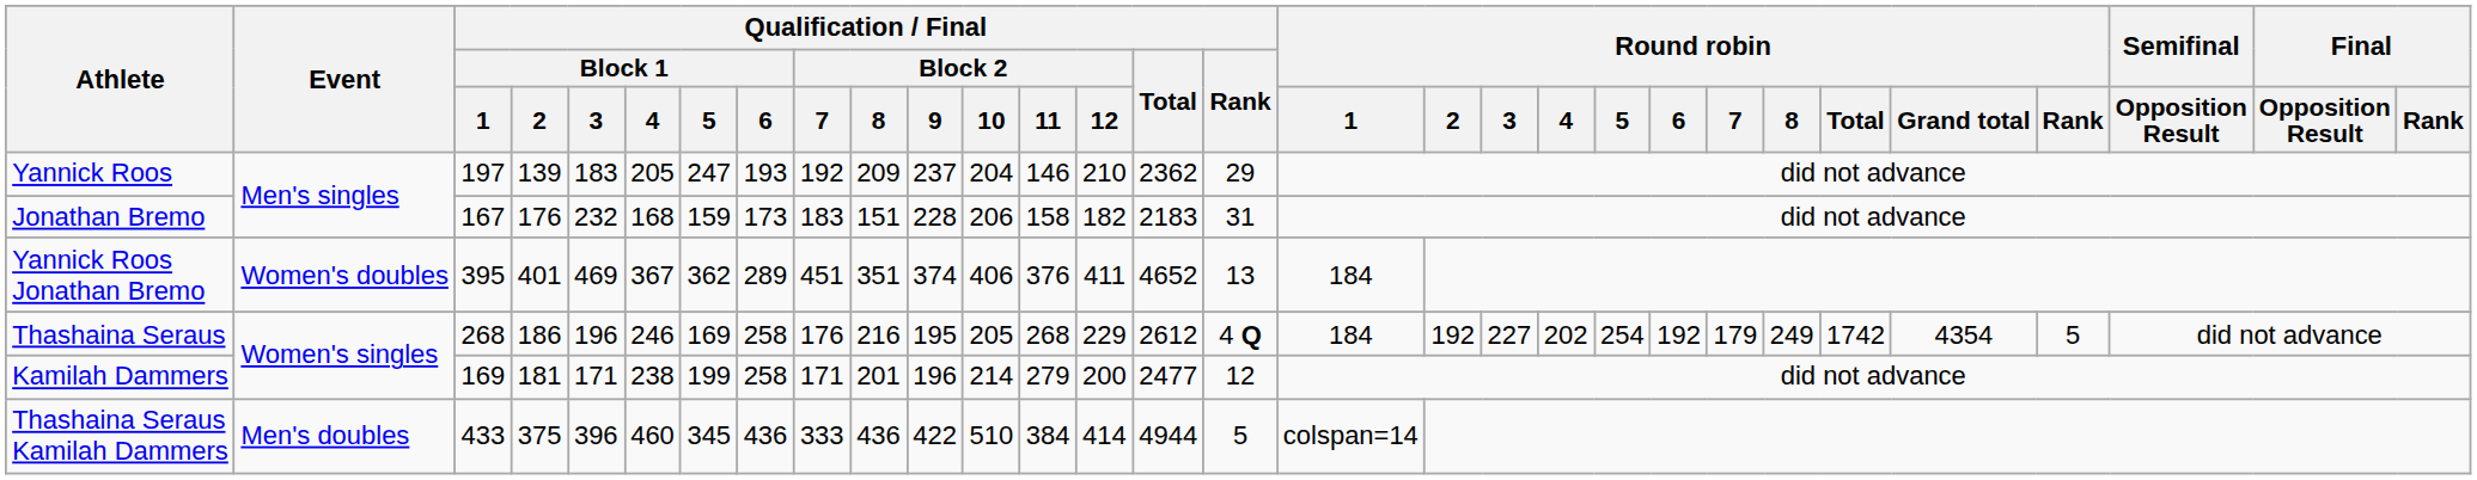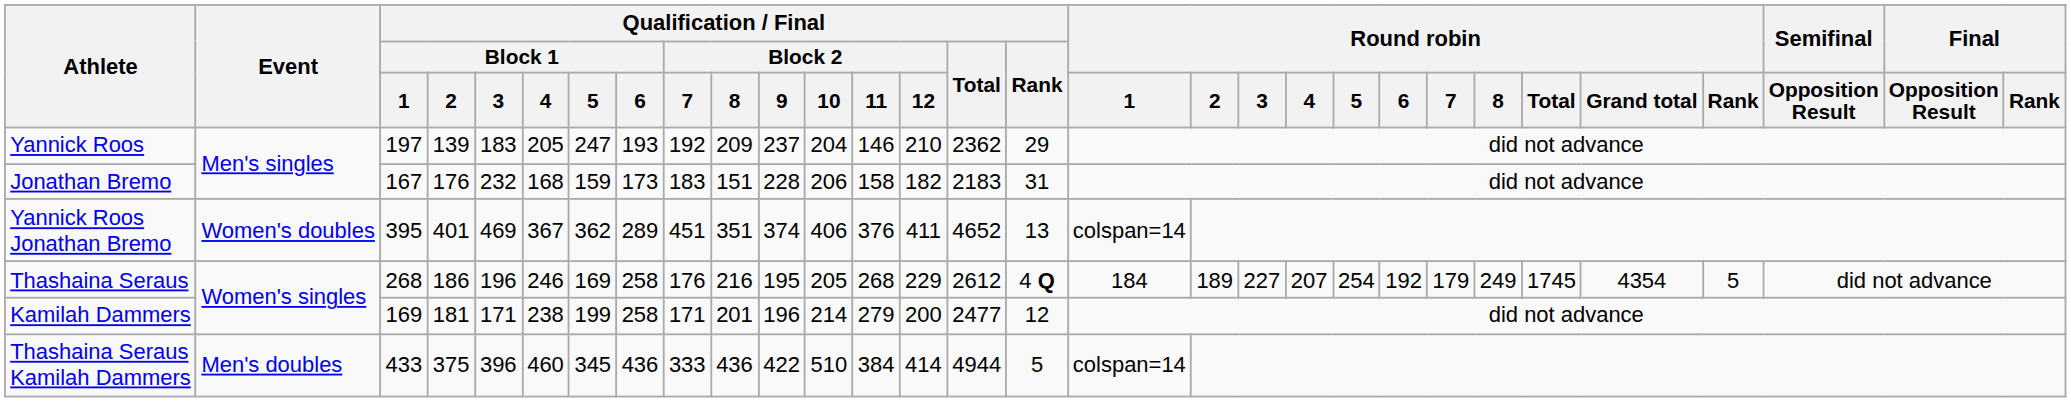 <table class=wikitable style=font-size:75%;text-align:center>
 <tr>
 <th rowspan=3>Athlete</th>
 <th rowspan=3>Event</th>
 <th colspan=14>Qualification / Final</th>
 <th colspan=11 rowspan=2>Round robin</th>
 <th rowspan=2>Semifinal</th>
 <th rowspan=2 colspan=2>Final</th>
 </tr>
 <tr style=font-size:95%>
 <th colspan=6>Block 1</th>
 <th colspan=6>Block 2</th>
 <th rowspan=2>Total</th>
 <th rowspan=2>Rank</th>
 </tr>
 <tr style=font-size:95%>
 <th>1</th>
 <th>2</th>
 <th>3</th>
 <th>4</th>
 <th>5</th>
 <th>6</th>
 <th>7</th>
 <th>8</th>
 <th>9</th>
 <th>10</th>
 <th>11</th>
 <th>12</th>
 <th>1</th>
 <th>2</th>
 <th>3</th>
 <th>4</th>
 <th>5</th>
 <th>6</th>
 <th>7</th>
 <th>8</th>
 <th>Total</th>
 <th>Grand total</th>
 <th>Rank</th>
 <th>Opposition<br>Result</th>
 <th>Opposition<br>Result</th>
 <th>Rank</th>
 </tr>
 <tr>
 <td align=left><a href='#'>Yannick Roos</a></td>
 <td align=left rowspan=2><a href='#'>Men's singles</a></td>
 <td>197</td>
 <td>139</td>
 <td>183</td>
 <td>205</td>
 <td>247</td>
 <td>193</td>
 <td>192</td>
 <td>209</td>
 <td>237</td>
 <td>204</td>
 <td>146</td>
 <td>210</td>
 <td>2362</td>
 <td>29</td>
 <td colspan=14>did not advance</td>
 </tr>
 <tr>
 <td align=left><a href='#'>Jonathan Bremo</a></td>
 <td>167</td>
 <td>176</td>
 <td>232</td>
 <td>168</td>
 <td>159</td>
 <td>173</td>
 <td>183</td>
 <td>151</td>
 <td>228</td>
 <td>206</td>
 <td>158</td>
 <td>182</td>
 <td>2183</td>
 <td>31</td>
 <td colspan=14>did not advance</td>
 </tr>
 <tr>
 <td align=left><a href='#'>Yannick Roos</a><br><a href='#'>Jonathan Bremo</a></td>
 <td align=left><a href='#'>Women's doubles</a></td>
 <td>395</td>
 <td>401</td>
 <td>469</td>
 <td>367</td>
 <td>362</td>
 <td>289</td>
 <td>451</td>
 <td>351</td>
 <td>374</td>
 <td>406</td>
 <td>376</td>
 <td>411</td>
 <td>4652</td>
 <td>13</td>
-<td>184</td>
+<td>colspan=14 </td>
 </tr>
 <tr>
 <td align=left><a href='#'>Thashaina Seraus</a></td>
 <td align=left rowspan=2><a href='#'>Women's singles</a></td>
 <td>268</td>
 <td>186</td>
 <td>196</td>
 <td>246</td>
 <td>169</td>
 <td>258</td>
 <td>176</td>
 <td>216</td>
 <td>195</td>
 <td>205</td>
 <td>268</td>
 <td>229</td>
 <td>2612</td>
 <td>4 <strong>Q</strong></td>
 <td>184</td>
-<td>192</td>
+<td>189</td>
 <td>227</td>
-<td>202</td>
+<td>207</td>
 <td>254</td>
 <td>192</td>
 <td>179</td>
 <td>249</td>
-<td>1742</td>
+<td>1745</td>
 <td>4354</td>
 <td>5</td>
 <td colspan=3>did not advance</td>
 </tr>
 <tr>
 <td align=left><a href='#'>Kamilah Dammers</a></td>
 <td>169</td>
 <td>181</td>
 <td>171</td>
 <td>238</td>
 <td>199</td>
 <td>258</td>
 <td>171</td>
 <td>201</td>
 <td>196</td>
 <td>214</td>
 <td>279</td>
 <td>200</td>
 <td>2477</td>
 <td>12</td>
 <td colspan=14>did not advance</td>
 </tr>
 <tr>
 <td align=left><a href='#'>Thashaina Seraus</a><br><a href='#'>Kamilah Dammers</a></td>
 <td align=left><a href='#'>Men's doubles</a></td>
 <td>433</td>
 <td>375</td>
 <td>396</td>
 <td>460</td>
 <td>345</td>
 <td>436</td>
 <td>333</td>
 <td>436</td>
 <td>422</td>
 <td>510</td>
 <td>384</td>
 <td>414</td>
 <td>4944</td>
 <td>5</td>
 <td>colspan=14 </td>
 </tr>
 </table>
